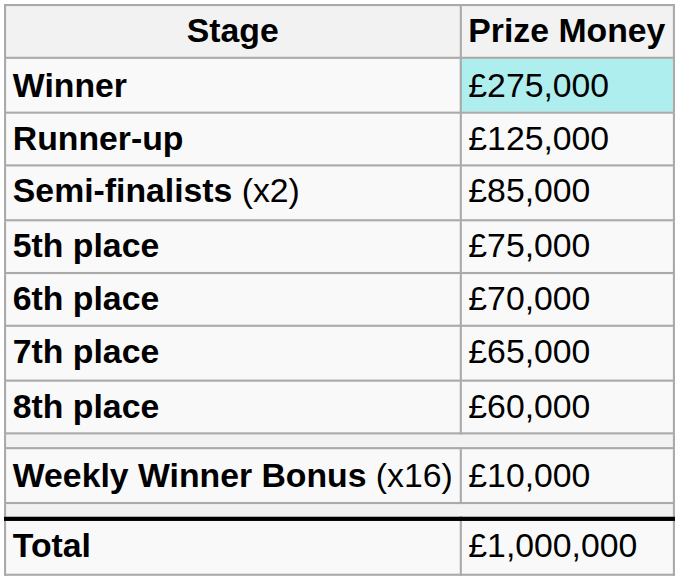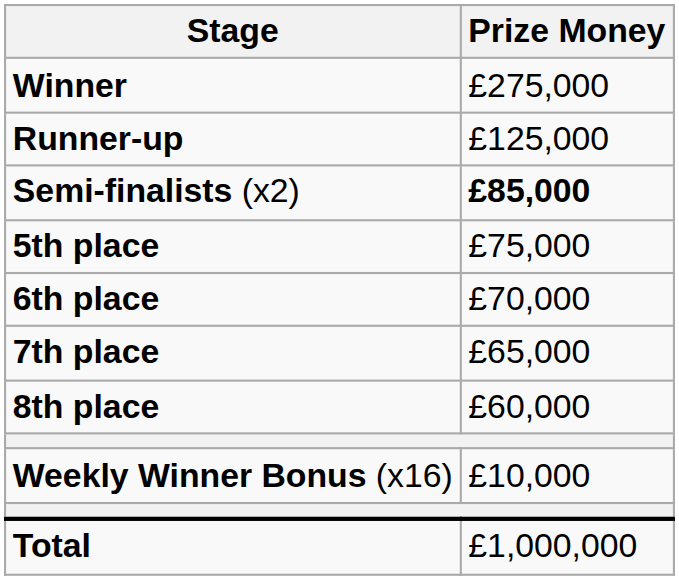 <table class="wikitable">
 <tr>
 <th>Stage</th>
 <th>Prize Money</th>
 </tr>
 <tr>
 <td><strong>Winner</strong></td>
-<td style="background: paleturquoise;">£275,000</td>
+<td>£275,000</td>
 </tr>
 <tr>
 <td><strong>Runner-up</strong></td>
 <td>£125,000</td>
 </tr>
 <tr>
 <td><strong>Semi-finalists</strong> (x2)</td>
-<td>£85,000</td>
+<td><strong>£85,000</strong></td>
 </tr>
 <tr>
 <td><strong>5th place</strong></td>
 <td>£75,000</td>
 </tr>
 <tr>
 <td><strong>6th place</strong></td>
 <td>£70,000</td>
 </tr>
 <tr>
 <td><strong>7th place</strong></td>
 <td>£65,000</td>
 </tr>
 <tr>
 <td><strong>8th place</strong></td>
 <td>£60,000</td>
 </tr>
 <tr>
 <th colspan="2"></th>
 </tr>
 <tr>
 <td><strong>Weekly Winner Bonus</strong> (x16)</td>
 <td>£10,000</td>
 </tr>
 <tr>
 <th colspan="2"></th>
 </tr>
 <tr style="border-top:2px solid black;">
 <td><strong>Total</strong></td>
 <td>£1,000,000</td>
 </tr>
 </table>
